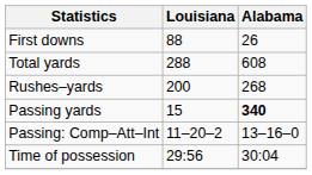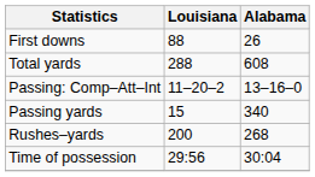 <table class="wikitable" style="float: left;">
 <tr>
 <th>Statistics</th>
 <th>Louisiana</th>
 <th>Alabama</th>
 </tr>
 <tr>
 <td>First downs</td>
 <td>88</td>
 <td>26</td>
 </tr>
 <tr>
 <td>Total yards</td>
 <td>288</td>
 <td>608</td>
 </tr>
 <tr>
-<td>Rushes–yards</td>
-<td>200</td>
-<td>268</td>
+<td>Passing: Comp–Att–Int</td>
+<td>11–20–2</td>
+<td>13–16–0</td>
 </tr>
 <tr>
 <td>Passing yards</td>
 <td>15</td>
-<td><strong>340</strong></td>
+<td>340</td>
 </tr>
 <tr>
-<td>Passing: Comp–Att–Int</td>
-<td>11–20–2</td>
-<td>13–16–0</td>
+<td>Rushes–yards</td>
+<td>200</td>
+<td>268</td>
 </tr>
 <tr>
 <td>Time of possession</td>
 <td>29:56</td>
 <td>30:04</td>
 </tr>
 <tr>
 </tr>
 </table>
